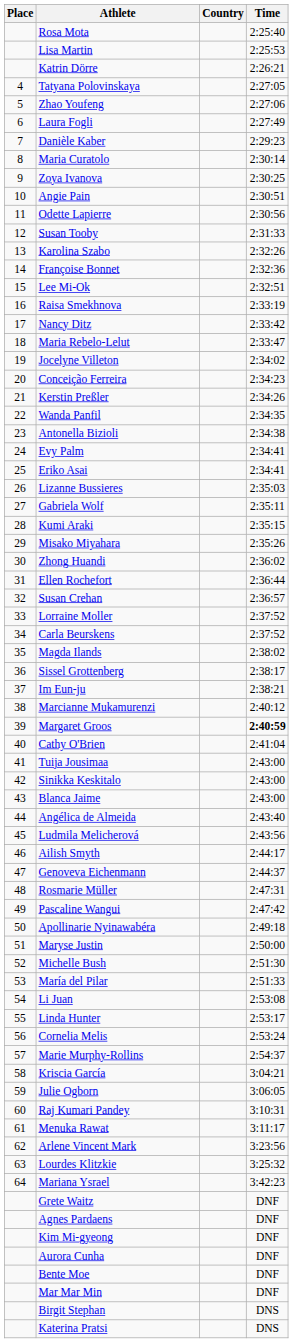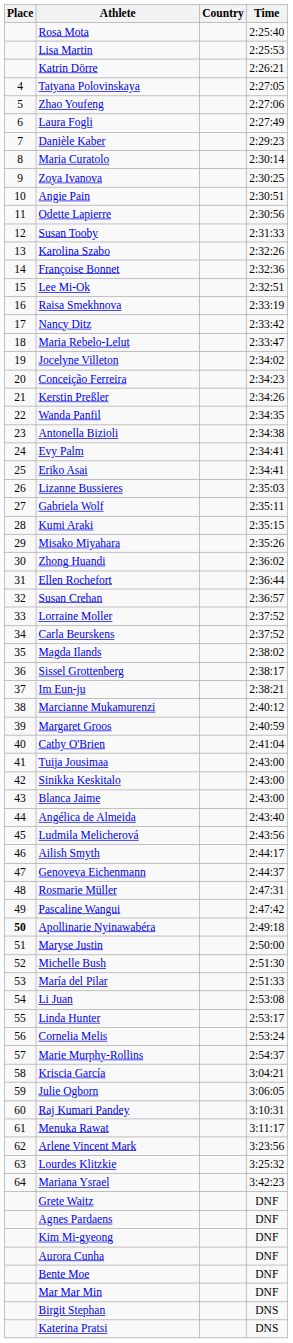 <table class=wikitable style="text-align:center">
 <tr>
 <th width=20>Place</th>
 <th width=220>Athlete</th>
 <th>Country</th>
 <th>Time</th>
 </tr>
 <tr>
 <td></td>
 <td align=left><a href='#'>Rosa Mota</a></td>
 <td align=left></td>
 <td>2:25:40</td>
 </tr>
 <tr>
 <td></td>
 <td align=left><a href='#'>Lisa Martin</a></td>
 <td align=left></td>
 <td>2:25:53</td>
 </tr>
 <tr>
 <td></td>
 <td align=left><a href='#'>Katrin Dörre</a></td>
 <td align=left></td>
 <td>2:26:21</td>
 </tr>
 <tr>
 <td>4</td>
 <td align=left><a href='#'>Tatyana Polovinskaya</a></td>
 <td align=left></td>
 <td>2:27:05</td>
 </tr>
 <tr>
 <td>5</td>
 <td align=left><a href='#'>Zhao Youfeng</a></td>
 <td align=left></td>
 <td>2:27:06</td>
 </tr>
 <tr>
 <td>6</td>
 <td align=left><a href='#'>Laura Fogli</a></td>
 <td align=left></td>
 <td>2:27:49</td>
 </tr>
 <tr>
 <td>7</td>
 <td align=left><a href='#'>Danièle Kaber</a></td>
 <td align=left></td>
 <td>2:29:23</td>
 </tr>
 <tr>
 <td>8</td>
 <td align=left><a href='#'>Maria Curatolo</a></td>
 <td align=left></td>
 <td>2:30:14</td>
 </tr>
 <tr>
 <td>9</td>
 <td align=left><a href='#'>Zoya Ivanova</a></td>
 <td align=left></td>
 <td>2:30:25</td>
 </tr>
 <tr>
 <td>10</td>
 <td align=left><a href='#'>Angie Pain</a></td>
 <td align=left></td>
 <td>2:30:51</td>
 </tr>
 <tr>
 <td>11</td>
 <td align=left><a href='#'>Odette Lapierre</a></td>
 <td align=left></td>
 <td>2:30:56</td>
 </tr>
 <tr>
 <td>12</td>
 <td align=left><a href='#'>Susan Tooby</a></td>
 <td align=left></td>
 <td>2:31:33</td>
 </tr>
 <tr>
 <td>13</td>
 <td align=left><a href='#'>Karolina Szabo</a></td>
 <td align=left></td>
 <td>2:32:26</td>
 </tr>
 <tr>
 <td>14</td>
 <td align=left><a href='#'>Françoise Bonnet</a></td>
 <td align=left></td>
 <td>2:32:36</td>
 </tr>
 <tr>
 <td>15</td>
 <td align=left><a href='#'>Lee Mi-Ok</a></td>
 <td align=left></td>
 <td>2:32:51</td>
 </tr>
 <tr>
 <td>16</td>
 <td align=left><a href='#'>Raisa Smekhnova</a></td>
 <td align=left></td>
 <td>2:33:19</td>
 </tr>
 <tr>
 <td>17</td>
 <td align=left><a href='#'>Nancy Ditz</a></td>
 <td align=left></td>
 <td>2:33:42</td>
 </tr>
 <tr>
 <td>18</td>
 <td align=left><a href='#'>Maria Rebelo-Lelut</a></td>
 <td align=left></td>
 <td>2:33:47</td>
 </tr>
 <tr>
 <td>19</td>
 <td align=left><a href='#'>Jocelyne Villeton</a></td>
 <td align=left></td>
 <td>2:34:02</td>
 </tr>
 <tr>
 <td>20</td>
 <td align=left><a href='#'>Conceição Ferreira</a></td>
 <td align=left></td>
 <td>2:34:23</td>
 </tr>
 <tr>
 <td>21</td>
 <td align=left><a href='#'>Kerstin Preßler</a></td>
 <td align=left></td>
 <td>2:34:26</td>
 </tr>
 <tr>
 <td>22</td>
 <td align=left><a href='#'>Wanda Panfil</a></td>
 <td align=left></td>
 <td>2:34:35</td>
 </tr>
 <tr>
 <td>23</td>
 <td align=left><a href='#'>Antonella Bizioli</a></td>
 <td align=left></td>
 <td>2:34:38</td>
 </tr>
 <tr>
 <td>24</td>
 <td align=left><a href='#'>Evy Palm</a></td>
 <td align=left></td>
 <td>2:34:41</td>
 </tr>
 <tr>
 <td>25</td>
 <td align=left><a href='#'>Eriko Asai</a></td>
 <td align=left></td>
 <td>2:34:41</td>
 </tr>
 <tr>
 <td>26</td>
 <td align=left><a href='#'>Lizanne Bussieres</a></td>
 <td align=left></td>
 <td>2:35:03</td>
 </tr>
 <tr>
 <td>27</td>
 <td align=left><a href='#'>Gabriela Wolf</a></td>
 <td align=left></td>
 <td>2:35:11</td>
 </tr>
 <tr>
 <td>28</td>
 <td align=left><a href='#'>Kumi Araki</a></td>
 <td align=left></td>
 <td>2:35:15</td>
 </tr>
 <tr>
 <td>29</td>
 <td align=left><a href='#'>Misako Miyahara</a></td>
 <td align=left></td>
 <td>2:35:26</td>
 </tr>
 <tr>
 <td>30</td>
 <td align=left><a href='#'>Zhong Huandi</a></td>
 <td align=left></td>
 <td>2:36:02</td>
 </tr>
 <tr>
 <td>31</td>
 <td align=left><a href='#'>Ellen Rochefort</a></td>
 <td align=left></td>
 <td>2:36:44</td>
 </tr>
 <tr>
 <td>32</td>
 <td align=left><a href='#'>Susan Crehan</a></td>
 <td align=left></td>
 <td>2:36:57</td>
 </tr>
 <tr>
 <td>33</td>
 <td align=left><a href='#'>Lorraine Moller</a></td>
 <td align=left></td>
 <td>2:37:52</td>
 </tr>
 <tr>
 <td>34</td>
 <td align=left><a href='#'>Carla Beurskens</a></td>
 <td align=left></td>
 <td>2:37:52</td>
 </tr>
 <tr>
 <td>35</td>
 <td align=left><a href='#'>Magda Ilands</a></td>
 <td align=left></td>
 <td>2:38:02</td>
 </tr>
 <tr>
 <td>36</td>
 <td align=left><a href='#'>Sissel Grottenberg</a></td>
 <td align=left></td>
 <td>2:38:17</td>
 </tr>
 <tr>
 <td>37</td>
 <td align=left><a href='#'>Im Eun-ju</a></td>
 <td align=left></td>
 <td>2:38:21</td>
 </tr>
 <tr>
 <td>38</td>
 <td align=left><a href='#'>Marcianne Mukamurenzi</a></td>
 <td align=left></td>
 <td>2:40:12</td>
 </tr>
 <tr>
 <td>39</td>
 <td align=left><a href='#'>Margaret Groos</a></td>
 <td align=left></td>
-<td><strong>2:40:59</strong></td>
+<td>2:40:59</td>
 </tr>
 <tr>
 <td>40</td>
 <td align=left><a href='#'>Cathy O'Brien</a></td>
 <td align=left></td>
 <td>2:41:04</td>
 </tr>
 <tr>
 <td>41</td>
 <td align=left><a href='#'>Tuija Jousimaa</a></td>
 <td align=left></td>
 <td>2:43:00</td>
 </tr>
 <tr>
 <td>42</td>
 <td align=left><a href='#'>Sinikka Keskitalo</a></td>
 <td align=left></td>
 <td>2:43:00</td>
 </tr>
 <tr>
 <td>43</td>
 <td align=left><a href='#'>Blanca Jaime</a></td>
 <td align=left></td>
 <td>2:43:00</td>
 </tr>
 <tr>
 <td>44</td>
 <td align=left><a href='#'>Angélica de Almeida</a></td>
 <td align=left></td>
 <td>2:43:40</td>
 </tr>
 <tr>
 <td>45</td>
 <td align=left><a href='#'>Ludmila Melicherová</a></td>
 <td align=left></td>
 <td>2:43:56</td>
 </tr>
 <tr>
 <td>46</td>
 <td align=left><a href='#'>Ailish Smyth</a></td>
 <td align=left></td>
 <td>2:44:17</td>
 </tr>
 <tr>
 <td>47</td>
 <td align=left><a href='#'>Genoveva Eichenmann</a></td>
 <td align=left></td>
 <td>2:44:37</td>
 </tr>
 <tr>
 <td>48</td>
 <td align=left><a href='#'>Rosmarie Müller</a></td>
 <td align=left></td>
 <td>2:47:31</td>
 </tr>
 <tr>
 <td>49</td>
 <td align=left><a href='#'>Pascaline Wangui</a></td>
 <td align=left></td>
 <td>2:47:42</td>
 </tr>
 <tr>
-<td>50</td>
+<td><strong>50</strong></td>
 <td align=left><a href='#'>Apollinarie Nyinawabéra</a></td>
 <td align=left></td>
 <td>2:49:18</td>
 </tr>
 <tr>
 <td>51</td>
 <td align=left><a href='#'>Maryse Justin</a></td>
 <td align=left></td>
 <td>2:50:00</td>
 </tr>
 <tr>
 <td>52</td>
 <td align=left><a href='#'>Michelle Bush</a></td>
 <td align=left></td>
 <td>2:51:30</td>
 </tr>
 <tr>
 <td>53</td>
 <td align=left><a href='#'>María del Pilar</a></td>
 <td align=left></td>
 <td>2:51:33</td>
 </tr>
 <tr>
 <td>54</td>
 <td align=left><a href='#'>Li Juan</a></td>
 <td align=left></td>
 <td>2:53:08</td>
 </tr>
 <tr>
 <td>55</td>
 <td align=left><a href='#'>Linda Hunter</a></td>
 <td align=left></td>
 <td>2:53:17</td>
 </tr>
 <tr>
 <td>56</td>
 <td align=left><a href='#'>Cornelia Melis</a></td>
 <td align=left></td>
 <td>2:53:24</td>
 </tr>
 <tr>
 <td>57</td>
 <td align=left><a href='#'>Marie Murphy-Rollins</a></td>
 <td align=left></td>
 <td>2:54:37</td>
 </tr>
 <tr>
 <td>58</td>
 <td align=left><a href='#'>Kriscia García</a></td>
 <td align=left></td>
 <td>3:04:21</td>
 </tr>
 <tr>
 <td>59</td>
 <td align=left><a href='#'>Julie Ogborn</a></td>
 <td align=left></td>
 <td>3:06:05</td>
 </tr>
 <tr>
 <td>60</td>
 <td align=left><a href='#'>Raj Kumari Pandey</a></td>
 <td align=left></td>
 <td>3:10:31</td>
 </tr>
 <tr>
 <td>61</td>
 <td align=left><a href='#'>Menuka Rawat</a></td>
 <td align=left></td>
 <td>3:11:17</td>
 </tr>
 <tr>
 <td>62</td>
 <td align=left><a href='#'>Arlene Vincent Mark</a></td>
 <td align=left></td>
 <td>3:23:56</td>
 </tr>
 <tr>
 <td>63</td>
 <td align=left><a href='#'>Lourdes Klitzkie</a></td>
 <td align=left></td>
 <td>3:25:32</td>
 </tr>
 <tr>
 <td>64</td>
 <td align=left><a href='#'>Mariana Ysrael</a></td>
 <td align=left></td>
 <td>3:42:23</td>
 </tr>
 <tr>
 <td></td>
 <td align=left><a href='#'>Grete Waitz</a></td>
 <td align=left></td>
 <td>DNF</td>
 </tr>
 <tr>
 <td></td>
 <td align=left><a href='#'>Agnes Pardaens</a></td>
 <td align=left></td>
 <td>DNF</td>
 </tr>
 <tr>
 <td></td>
 <td align=left><a href='#'>Kim Mi-gyeong</a></td>
 <td align=left></td>
 <td>DNF</td>
 </tr>
 <tr>
 <td></td>
 <td align=left><a href='#'>Aurora Cunha</a></td>
 <td align=left></td>
 <td>DNF</td>
 </tr>
 <tr>
 <td></td>
 <td align=left><a href='#'>Bente Moe</a></td>
 <td align=left></td>
 <td>DNF</td>
 </tr>
 <tr>
 <td></td>
 <td align=left><a href='#'>Mar Mar Min</a></td>
 <td align=left></td>
 <td>DNF</td>
 </tr>
 <tr>
 <td></td>
 <td align=left><a href='#'>Birgit Stephan</a></td>
 <td align=left></td>
 <td>DNS</td>
 </tr>
 <tr>
 <td></td>
 <td align=left><a href='#'>Katerina Pratsi</a></td>
 <td align=left></td>
 <td>DNS</td>
 </tr>
 </table>
